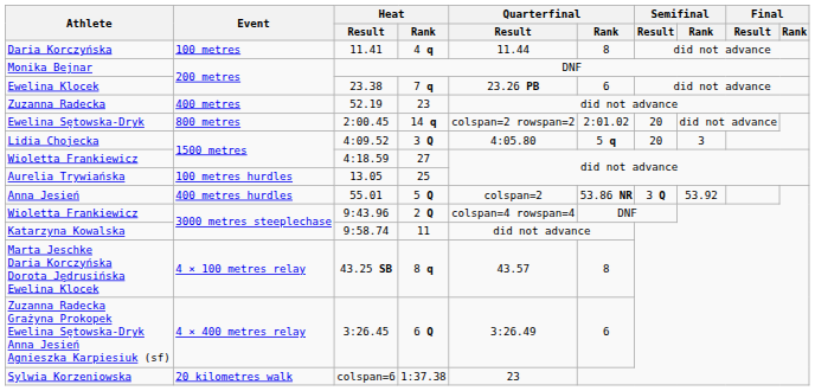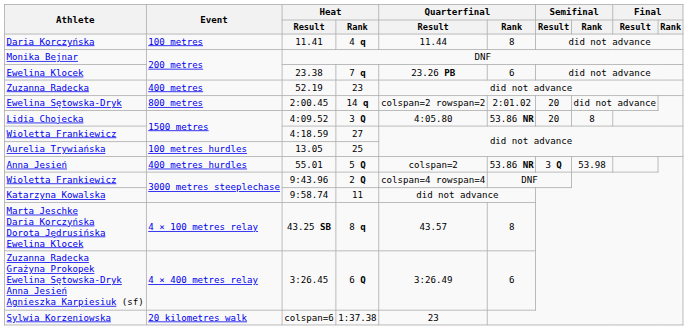 <table class="wikitable" style="font-size:90%">
 <tr>
 <th rowspan="2">Athlete</th>
 <th rowspan="2">Event</th>
 <th colspan="2">Heat</th>
 <th colspan="2">Quarterfinal</th>
 <th colspan="2">Semifinal</th>
 <th colspan="2">Final</th>
 </tr>
 <tr style="font-size:95%">
 <th>Result</th>
 <th>Rank</th>
 <th>Result</th>
 <th>Rank</th>
 <th>Result</th>
 <th>Rank</th>
 <th>Result</th>
 <th>Rank</th>
 </tr>
 <tr style=text-align:center>
 <td style=text-align:left><a href='#'>Daria Korczyńska</a></td>
 <td style=text-align:left><a href='#'>100 metres</a></td>
 <td>11.41</td>
 <td>4 <strong>q</strong></td>
 <td>11.44</td>
 <td>8</td>
 <td colspan=4>did not advance</td>
 </tr>
 <tr style=text-align:center>
 <td style=text-align:left><a href='#'>Monika Bejnar</a></td>
 <td style=text-align:left rowspan=2><a href='#'>200 metres</a></td>
 <td colspan=8>DNF</td>
 </tr>
 <tr style=text-align:center>
 <td style=text-align:left><a href='#'>Ewelina Klocek</a></td>
 <td>23.38</td>
 <td>7 <strong>q</strong></td>
 <td>23.26 <strong>PB</strong></td>
 <td>6</td>
 <td colspan=4>did not advance</td>
 </tr>
 <tr style=text-align:center>
 <td style=text-align:left><a href='#'>Zuzanna Radecka</a></td>
 <td style=text-align:left><a href='#'>400 metres</a></td>
 <td>52.19</td>
 <td>23</td>
 <td colspan=6>did not advance</td>
 </tr>
 <tr style=text-align:center>
 <td style=text-align:left><a href='#'>Ewelina Sętowska-Dryk</a></td>
 <td style=text-align:left><a href='#'>800 metres</a></td>
 <td>2:00.45</td>
 <td>14 <strong>q</strong></td>
 <td>colspan=2 rowspan=2 </td>
 <td>2:01.02</td>
 <td>20</td>
 <td colspan=2>did not advance</td>
 </tr>
 <tr style=text-align:center>
 <td style=text-align:left><a href='#'>Lidia Chojecka</a></td>
 <td style=text-align:left rowspan=2><a href='#'>1500 metres</a></td>
 <td>4:09.52</td>
 <td>3 <strong>Q</strong></td>
 <td>4:05.80</td>
-<td>5 <strong>q</strong></td>
+<td>53.86 <strong>NR</strong></td>
 <td>20</td>
-<td>3</td>
+<td>8</td>
 </tr>
 <tr style=text-align:center>
 <td style=text-align:left><a href='#'>Wioletta Frankiewicz</a></td>
 <td>4:18.59</td>
 <td>27</td>
 <td colspan=6 rowspan=2>did not advance</td>
 </tr>
 <tr style=text-align:center>
 <td style=text-align:left><a href='#'>Aurelia Trywiańska</a></td>
 <td style=text-align:left><a href='#'>100 metres hurdles</a></td>
 <td>13.05</td>
 <td>25</td>
 </tr>
 <tr style=text-align:center>
 <td style=text-align:left><a href='#'>Anna Jesień</a></td>
 <td style=text-align:left><a href='#'>400 metres hurdles</a></td>
 <td>55.01</td>
 <td>5 <strong>Q</strong></td>
 <td>colspan=2 </td>
 <td>53.86 <strong>NR</strong></td>
 <td>3 <strong>Q</strong></td>
-<td>53.92</td>
+<td>53.98</td>
 <td></td>
 </tr>
 <tr style=text-align:center>
 <td style=text-align:left><a href='#'>Wioletta Frankiewicz</a></td>
 <td style=text-align:left rowspan=2><a href='#'>3000 metres steeplechase</a></td>
 <td>9:43.96</td>
 <td>2 <strong>Q</strong></td>
 <td>colspan=4 rowspan=4 </td>
 <td colspan=2>DNF</td>
 </tr>
 <tr style=text-align:center>
 <td style=text-align:left><a href='#'>Katarzyna Kowalska</a></td>
 <td>9:58.74</td>
 <td>11</td>
 <td colspan=2>did not advance</td>
 </tr>
 <tr style=text-align:center>
 <td style=text-align:left><a href='#'>Marta Jeschke</a><br><a href='#'>Daria Korczyńska</a><br><a href='#'>Dorota Jędrusińska</a><br><a href='#'>Ewelina Klocek</a></td>
 <td style=text-align:left><a href='#'>4 × 100 metres relay</a></td>
 <td>43.25 <strong>SB</strong></td>
 <td>8 <strong>q</strong></td>
 <td>43.57</td>
 <td>8</td>
 </tr>
 <tr style=text-align:center>
 <td style=text-align:left><a href='#'>Zuzanna Radecka</a><br><a href='#'>Grażyna Prokopek</a><br><a href='#'>Ewelina Sętowska-Dryk</a><br><a href='#'>Anna Jesień</a><br><a href='#'>Agnieszka Karpiesiuk</a> (sf)</td>
 <td style=text-align:left><a href='#'>4 × 400 metres relay</a></td>
 <td>3:26.45</td>
 <td>6 <strong>Q</strong></td>
 <td>3:26.49</td>
 <td>6</td>
 </tr>
 <tr style=text-align:center>
 <td style=text-align:left><a href='#'>Sylwia Korzeniowska</a></td>
 <td style=text-align:left><a href='#'>20 kilometres walk</a></td>
 <td>colspan=6 </td>
 <td>1:37.38</td>
 <td>23</td>
 </tr>
 </table>
